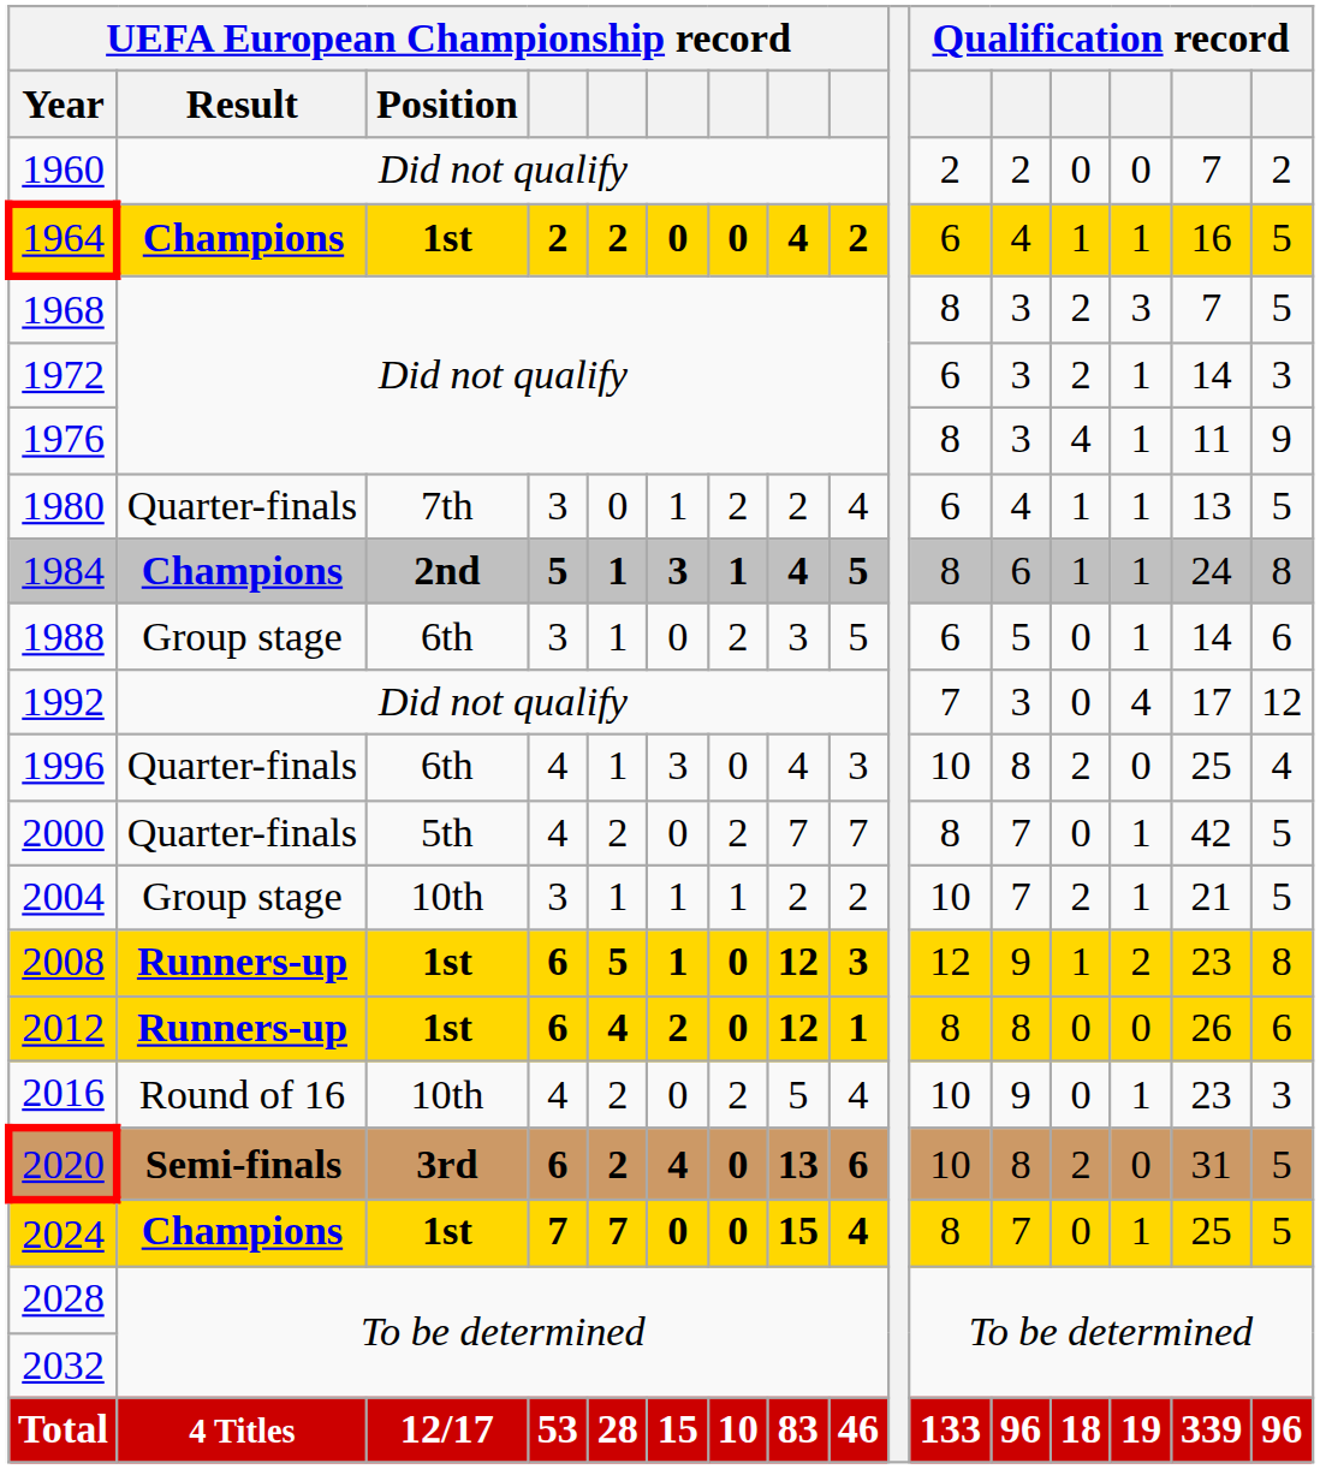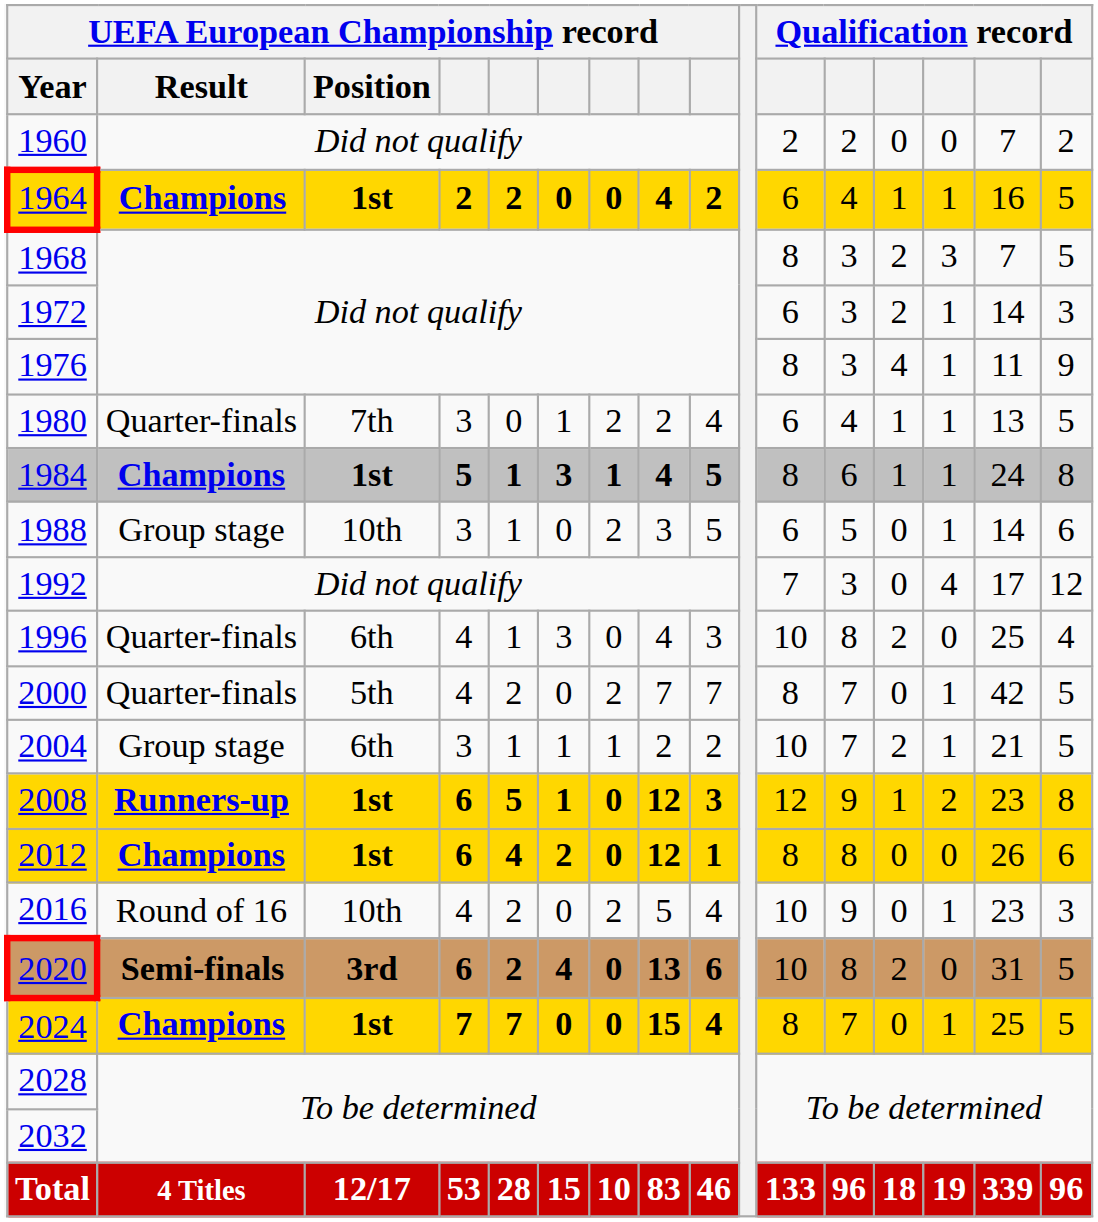 <table class="wikitable" style="text-align: center;">
 <tr>
 <th colspan="9"><a href='#'>UEFA European Championship</a> record</th>
 <th style="width:1px;;" rowspan="26"></th>
 <th colspan="6"><a href='#'>Qualification</a> record</th>
 </tr>
 <tr>
 <th>Year</th>
 <th>Result</th>
 <th>Position</th>
 <th></th>
 <th></th>
 <th></th>
 <th></th>
 <th></th>
 <th></th>
 <th></th>
 <th></th>
 <th></th>
 <th></th>
 <th></th>
 <th></th>
 </tr>
 <tr>
 <td> <a href='#'>1960</a></td>
 <td colspan=8><em>Did not qualify</em></td>
 <td>2</td>
 <td>2</td>
 <td>0</td>
 <td>0</td>
 <td>7</td>
 <td>2</td>
 </tr>
 <tr style="background:Gold;">
 <td style="border: 3px solid red"> <a href='#'>1964</a></td>
 <td><strong><a href='#'>Champions</a></strong></td>
 <td><strong>1st</strong></td>
 <td><strong>2</strong></td>
 <td><strong>2</strong></td>
 <td><strong>0</strong></td>
 <td><strong>0</strong></td>
 <td><strong>4</strong></td>
 <td><strong>2</strong></td>
 <td>6</td>
 <td>4</td>
 <td>1</td>
 <td>1</td>
 <td>16</td>
 <td>5</td>
 </tr>
 <tr>
 <td> <a href='#'>1968</a></td>
 <td rowspan=3 colspan=8><em>Did not qualify</em></td>
 <td>8</td>
 <td>3</td>
 <td>2</td>
 <td>3</td>
 <td>7</td>
 <td>5</td>
 </tr>
 <tr>
 <td> <a href='#'>1972</a></td>
 <td>6</td>
 <td>3</td>
 <td>2</td>
 <td>1</td>
 <td>14</td>
 <td>3</td>
 </tr>
 <tr>
 <td> <a href='#'>1976</a></td>
 <td>8</td>
 <td>3</td>
 <td>4</td>
 <td>1</td>
 <td>11</td>
 <td>9</td>
 </tr>
 <tr>
 <td> <a href='#'>1980</a></td>
 <td>Quarter-finals</td>
 <td>7th</td>
 <td>3</td>
 <td>0</td>
 <td>1</td>
 <td>2</td>
 <td>2</td>
 <td>4</td>
 <td>6</td>
 <td>4</td>
 <td>1</td>
 <td>1</td>
 <td>13</td>
 <td>5</td>
 </tr>
 <tr style="background:Silver;">
 <td> <a href='#'>1984</a></td>
 <td><strong><a href='#'>Champions</a></strong></td>
-<td><strong>2nd</strong></td>
+<td><strong>1st</strong></td>
 <td><strong>5</strong></td>
 <td><strong>1</strong></td>
 <td><strong>3</strong></td>
 <td><strong>1</strong></td>
 <td><strong>4</strong></td>
 <td><strong>5</strong></td>
 <td>8</td>
 <td>6</td>
 <td>1</td>
 <td>1</td>
 <td>24</td>
 <td>8</td>
 </tr>
 <tr>
 <td> <a href='#'>1988</a></td>
 <td>Group stage</td>
-<td>6th</td>
+<td>10th</td>
 <td>3</td>
 <td>1</td>
 <td>0</td>
 <td>2</td>
 <td>3</td>
 <td>5</td>
 <td>6</td>
 <td>5</td>
 <td>0</td>
 <td>1</td>
 <td>14</td>
 <td>6</td>
 </tr>
 <tr>
 <td> <a href='#'>1992</a></td>
 <td colspan=8><em>Did not qualify</em></td>
 <td>7</td>
 <td>3</td>
 <td>0</td>
 <td>4</td>
 <td>17</td>
 <td>12</td>
 </tr>
 <tr>
 <td> <a href='#'>1996</a></td>
 <td>Quarter-finals</td>
 <td>6th</td>
 <td>4</td>
 <td>1</td>
 <td>3</td>
 <td>0</td>
 <td>4</td>
 <td>3</td>
 <td>10</td>
 <td>8</td>
 <td>2</td>
 <td>0</td>
 <td>25</td>
 <td>4</td>
 </tr>
 <tr>
 <td>  <a href='#'>2000</a></td>
 <td>Quarter-finals</td>
 <td>5th</td>
 <td>4</td>
 <td>2</td>
 <td>0</td>
 <td>2</td>
 <td>7</td>
 <td>7</td>
 <td>8</td>
 <td>7</td>
 <td>0</td>
 <td>1</td>
 <td>42</td>
 <td>5</td>
 </tr>
 <tr>
 <td> <a href='#'>2004</a></td>
 <td>Group stage</td>
-<td>10th</td>
+<td>6th</td>
 <td>3</td>
 <td>1</td>
 <td>1</td>
 <td>1</td>
 <td>2</td>
 <td>2</td>
 <td>10</td>
 <td>7</td>
 <td>2</td>
 <td>1</td>
 <td>21</td>
 <td>5</td>
 </tr>
 <tr style="background:Gold;">
 <td>  <a href='#'>2008</a></td>
 <td><strong><a href='#'>Runners-up</a></strong></td>
 <td><strong>1st</strong></td>
 <td><strong>6</strong></td>
 <td><strong>5</strong></td>
 <td><strong>1</strong></td>
 <td><strong>0</strong></td>
 <td><strong>12</strong></td>
 <td><strong>3</strong></td>
 <td>12</td>
 <td>9</td>
 <td>1</td>
 <td>2</td>
 <td>23</td>
 <td>8</td>
 </tr>
 <tr style="background:Gold;">
 <td>  <a href='#'>2012</a></td>
-<td><strong><a href='#'>Runners-up</a></strong></td>
+<td><strong><a href='#'>Champions</a></strong></td>
 <td><strong>1st</strong></td>
 <td><strong>6</strong></td>
 <td><strong>4</strong></td>
 <td><strong>2</strong></td>
 <td><strong>0</strong></td>
 <td><strong>12</strong></td>
 <td><strong>1</strong></td>
 <td>8</td>
 <td>8</td>
 <td>0</td>
 <td>0</td>
 <td>26</td>
 <td>6</td>
 </tr>
 <tr>
 <td> <a href='#'>2016</a></td>
 <td>Round of 16</td>
 <td>10th</td>
 <td>4</td>
 <td>2</td>
 <td>0</td>
 <td>2</td>
 <td>5</td>
 <td>4</td>
 <td>10</td>
 <td>9</td>
 <td>0</td>
 <td>1</td>
 <td>23</td>
 <td>3</td>
 </tr>
 <tr style="background:#c96;">
 <td style="border: 3px solid red"> <a href='#'>2020</a></td>
 <td><strong>Semi-finals</strong></td>
 <td><strong>3rd</strong></td>
 <td><strong>6</strong></td>
 <td><strong>2</strong></td>
 <td><strong>4</strong></td>
 <td><strong>0</strong></td>
 <td><strong>13</strong></td>
 <td><strong>6</strong></td>
 <td>10</td>
 <td>8</td>
 <td>2</td>
 <td>0</td>
 <td>31</td>
 <td>5</td>
 </tr>
 <tr style="background:Gold;">
 <td> <a href='#'>2024</a></td>
 <td><strong><a href='#'>Champions</a></strong></td>
 <td><strong>1st</strong></td>
 <td><strong>7</strong></td>
 <td><strong>7</strong></td>
 <td><strong>0</strong></td>
 <td><strong>0</strong></td>
 <td><strong>15</strong></td>
 <td><strong>4</strong></td>
 <td>8</td>
 <td>7</td>
 <td>0</td>
 <td>1</td>
 <td>25</td>
 <td>5</td>
 </tr>
 <tr>
 <td>  <a href='#'>2028</a></td>
 <td colspan=8 rowspan=2><em>To be determined</em></td>
 <td colspan=6 rowspan=2><em>To be determined</em></td>
 </tr>
 <tr>
 <td>  <a href='#'>2032</a></td>
 </tr>
 <tr style="color:white;">
 <th style="background:#c00;color:white;"><strong>Total</strong></th>
 <th style="background:#c00;color:white;"><strong><small>4 Titles</small></strong></th>
 <th style="background:#c00;color:white;"><strong>12/17</strong></th>
 <th style="background:#c00;color:white;”"><strong>53</strong></th>
 <th style="background:#c00;color:white;"><strong>28</strong></th>
 <th style="background:#c00;color:white;"><strong>15</strong></th>
 <th style="background:#c00;color:white;"><strong>10</strong></th>
 <th style="background:#c00;color:white;"><strong>83</strong></th>
 <th style="background:#c00;color:white;"><strong>46</strong></th>
 <th style="background:#c00;color:white;"><strong>133</strong></th>
 <th style="background:#c00;color:white;"><strong>96</strong></th>
 <th style="background:#c00;color:white;"><strong>18</strong></th>
 <th style="background:#c00;color:white;"><strong>19</strong></th>
 <th style="background:#c00;color:white;"><strong>339</strong></th>
 <th style="background:#c00;color:white;"><strong>96</strong></th>
 </tr>
 </table>
